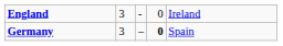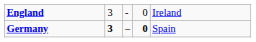 <table class="wikitable">
 <tr>
 <td width=150> <strong><a href='#'>England</a></strong></td>
 <td style="width:20px; text-align:left;">3</td>
 <td>-</td>
 <td style="width:20px; text-align:right;">0</td>
 <td width=150> <a href='#'>Ireland</a></td>
 </tr>
 <tr>
 <td> <strong><a href='#'>Germany</a></strong></td>
-<td style="text-align:left;">3</td>
+<td style="text-align:left;"><strong>3</strong></td>
 <td>–</td>
 <td style="text-align:right;"><strong>0</strong></td>
 <td> <a href='#'>Spain</a></td>
 </tr>
 </table>
